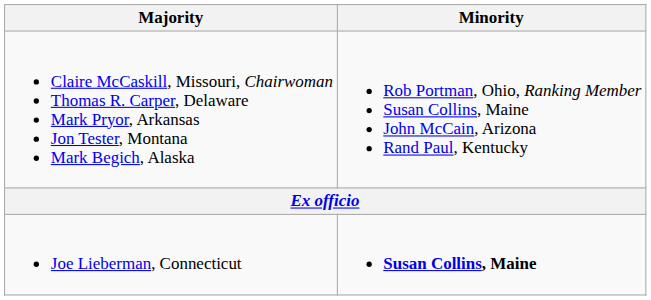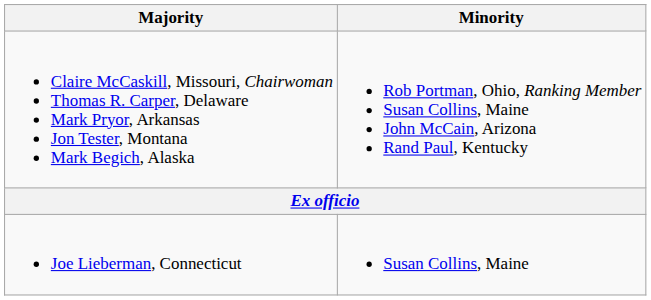 <table class=wikitable>
 <tr>
 <th>Majority</th>
 <th>Minority</th>
 </tr>
 <tr>
 <td><br><ul><li><a href='#'>Claire McCaskill</a>, Missouri, <em>Chairwoman</em></li><li><a href='#'>Thomas R. Carper</a>, Delaware</li><li><a href='#'>Mark Pryor</a>, Arkansas</li><li><a href='#'>Jon Tester</a>, Montana</li><li><a href='#'>Mark Begich</a>, Alaska</li></ul></td>
 <td><br><ul><li><a href='#'>Rob Portman</a>, Ohio, <em>Ranking Member</em></li><li><a href='#'>Susan Collins</a>, Maine</li><li><a href='#'>John McCain</a>, Arizona</li><li><a href='#'>Rand Paul</a>, Kentucky</li></ul></td>
 </tr>
 <tr>
 <th colspan=2><em><a href='#'>Ex officio</a></em></th>
 </tr>
 <tr>
 <td><br><ul><li><span><a href='#'>Joe Lieberman</a>, Connecticut</span></li></ul></td>
-<td><strong><br><ul><li><a href='#'>Susan Collins</a>, Maine</li></ul></strong></td>
+<td><br><ul><li><a href='#'>Susan Collins</a>, Maine</li></ul></td>
 </tr>
 </table>
